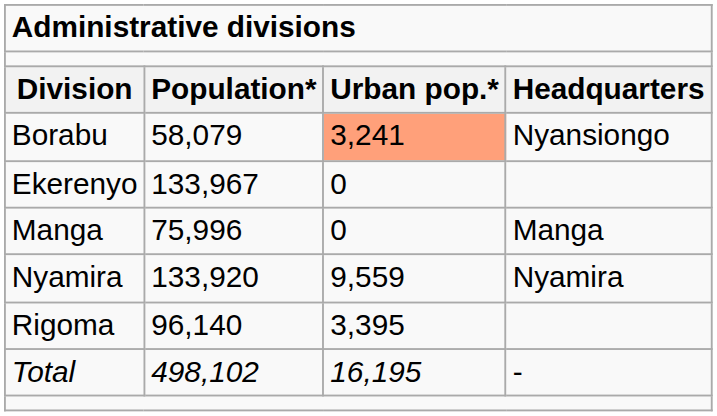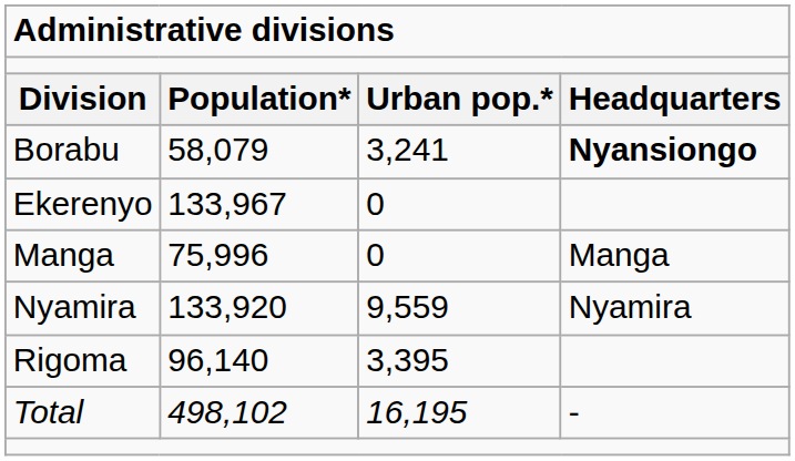 <table class="wikitable">
 <tr>
 <td colspan="4"><strong>Administrative divisions</strong></td>
 </tr>
 <tr>
 <td colspan="4"></td>
 </tr>
 <tr>
 <th>Division</th>
 <th>Population*</th>
 <th>Urban pop.*</th>
 <th>Headquarters</th>
 </tr>
 <tr>
 <td>Borabu</td>
 <td>58,079</td>
-<td style="background: lightsalmon;">3,241</td>
-<td>Nyansiongo</td>
+<td>3,241</td>
+<td><strong>Nyansiongo</strong></td>
 </tr>
 <tr>
 <td>Ekerenyo</td>
 <td>133,967</td>
 <td>0</td>
 <td></td>
 </tr>
 <tr>
 <td>Manga</td>
 <td>75,996</td>
 <td>0</td>
 <td>Manga</td>
 </tr>
 <tr>
 <td>Nyamira</td>
 <td>133,920</td>
 <td>9,559</td>
 <td>Nyamira</td>
 </tr>
 <tr>
 <td>Rigoma</td>
 <td>96,140</td>
 <td>3,395</td>
 <td></td>
 </tr>
 <tr>
 <td><em>Total</em></td>
 <td><em>498,102</em></td>
 <td><em>16,195</em></td>
 <td>-</td>
 </tr>
 <tr>
 <td colspan="4"></td>
 </tr>
 </table>
